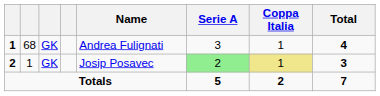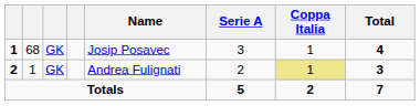 <table class="wikitable" style="text-align:center">
 <tr>
 <th width=15></th>
 <th width=15></th>
 <th width=15></th>
 <th width=15></th>
 <th width=145>Name</th>
 <th width=80><a href='#'>Serie A</a></th>
 <th width=80><a href='#'>Coppa Italia</a></th>
 <th width=80>Total</th>
 </tr>
 <tr>
 <td><strong>1</strong></td>
 <td>68</td>
 <td><a href='#'>GK</a></td>
 <td></td>
-<td align=left><a href='#'>Andrea Fulignati</a></td>
+<td align=left><a href='#'>Josip Posavec</a></td>
 <td>3</td>
 <td>1</td>
 <td><strong>4</strong></td>
 </tr>
 <tr>
 <td><strong>2</strong></td>
 <td>1</td>
 <td><a href='#'>GK</a></td>
 <td></td>
-<td align=left><a href='#'>Josip Posavec</a></td>
-<td style="background: lightgreen;">2</td>
+<td align=left><a href='#'>Andrea Fulignati</a></td>
+<td>2</td>
 <td style="background: khaki;">1</td>
 <td><strong>3</strong></td>
 </tr>
 <tr>
 <td colspan=5><strong>Totals</strong></td>
 <td><strong>5</strong></td>
 <td><strong>2</strong></td>
 <td><strong>7</strong></td>
 </tr>
 </table>
